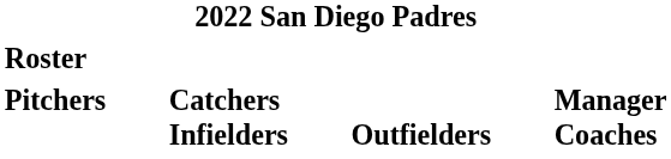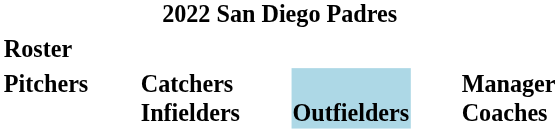 <table class="toccolours" style="font-size: 95%;">
 <tr>
 <th colspan="10">2022 San Diego Padres</th>
 </tr>
 <tr>
 <td colspan="10"><strong>Roster</strong></td>
 </tr>
 <tr>
 <td valign="top"><strong>Pitchers</strong><br>                           </td>
 <td width="25px"></td>
 <td valign="top"><strong>Catchers</strong><br>   <strong>Infielders</strong>             </td>
 <td width="25px"></td>
-<td valign="top"><br><strong>Outfielders</strong>           </td>
+<td valign="top" style="background: lightblue;"><br><strong>Outfielders</strong>           </td>
 <td width="25px"></td>
 <td valign="top"><strong>Manager</strong><br> <strong>Coaches</strong>                          </td>
 </tr>
 </table>
